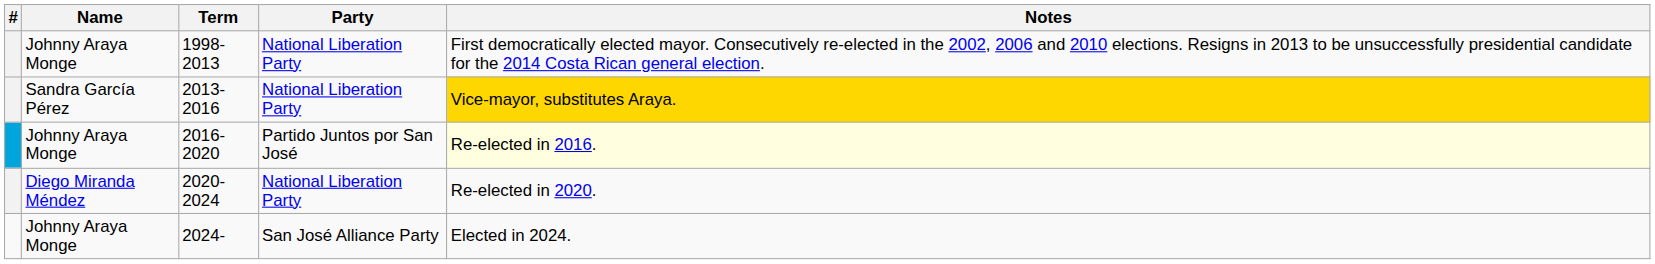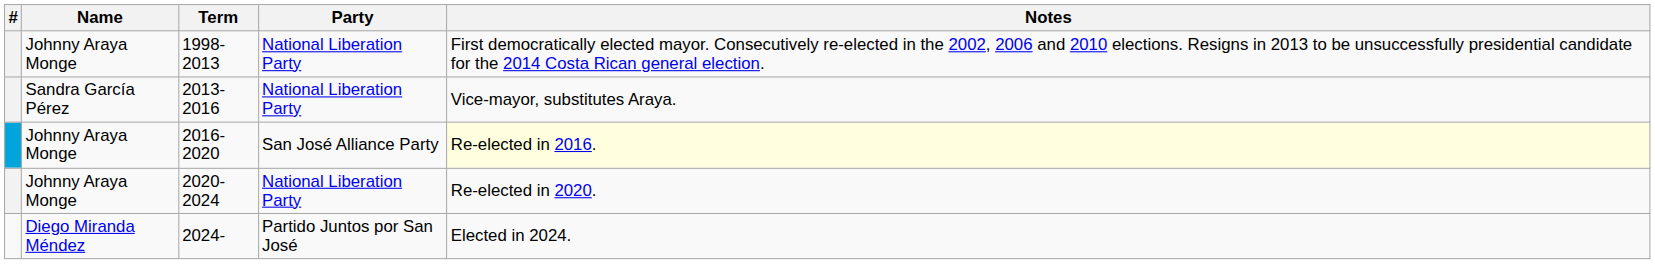 <table class="wikitable">
 <tr>
 <th>#</th>
 <th>Name</th>
 <th>Term</th>
 <th>Party</th>
 <th>Notes</th>
 </tr>
 <tr>
 <th style="background:"></th>
 <td>Johnny Araya Monge</td>
 <td>1998-2013</td>
 <td><a href='#'>National Liberation Party</a></td>
 <td>First democratically elected mayor. Consecutively re-elected in the <a href='#'>2002</a>, <a href='#'>2006</a> and <a href='#'>2010</a> elections. Resigns in 2013 to be unsuccessfully presidential candidate for the <a href='#'>2014 Costa Rican general election</a>.</td>
 </tr>
 <tr>
 <th style="background:"></th>
 <td>Sandra García Pérez</td>
 <td>2013-2016</td>
 <td><a href='#'>National Liberation Party</a></td>
-<td style="background: gold;">Vice-mayor, substitutes Araya.</td>
+<td>Vice-mayor, substitutes Araya.</td>
 </tr>
 <tr>
 <th style="background:#00A5DB"></th>
 <td>Johnny Araya Monge</td>
 <td>2016-2020</td>
-<td>Partido Juntos por San José</td>
+<td>San José Alliance Party</td>
 <td style="background: lightyellow;">Re-elected in <a href='#'>2016</a>.</td>
 </tr>
 <tr>
 <th style="background:"></th>
-<td><a href='#'>Diego Miranda Méndez</a></td>
+<td>Johnny Araya Monge</td>
 <td>2020-2024</td>
 <td><a href='#'>National Liberation Party</a></td>
 <td>Re-elected in <a href='#'>2020</a>.</td>
 </tr>
 <tr>
 <td></td>
-<td>Johnny Araya Monge</td>
+<td><a href='#'>Diego Miranda Méndez</a></td>
 <td>2024-</td>
-<td>San José Alliance Party</td>
+<td>Partido Juntos por San José</td>
 <td>Elected in 2024.</td>
 </tr>
 </table>
